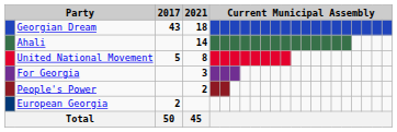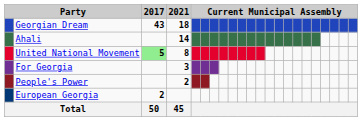 <table class="wikitable">
 <tr>
 <th style="background:#ccc" colspan="2">Party</th>
 <th style="background:#ccc">2017</th>
 <th style="background:#ccc">2021</th>
 <th colspan="41" style="background:#ccc">Current Municipal Assembly</th>
 </tr>
 <tr>
 <td style="background-color: #2044bc"> </td>
 <td><a href='#'>Georgian Dream</a></td>
 <td style="text-align: right"><strong>43</strong></td>
 <td style="text-align: right"><strong>18</strong></td>
 <td style="background-color: #2044bc"> </td>
 <td style="background-color: #2044bc"> </td>
 <td style="background-color: #2044bc"> </td>
 <td style="background-color: #2044bc"> </td>
 <td style="background-color: #2044bc"> </td>
 <td style="background-color: #2044bc"> </td>
 <td style="background-color: #2044bc"> </td>
 <td style="background-color: #2044bc"> </td>
 <td style="background-color: #2044bc"> </td>
 <td style="background-color: #2044bc"> </td>
 <td style="background-color: #2044bc"> </td>
 <td style="background-color: #2044bc"> </td>
 <td style="background-color: #2044bc"> </td>
 <td style="background-color: #2044bc"> </td>
 <td style="background-color: #2044bc"> </td>
 <td style="background-color: #2044bc"> </td>
 <td style="background-color: #2044bc"> </td>
 <td style="background-color: #2044bc"> </td>
 </tr>
 <tr>
 <td style="background-color: #377149"> </td>
 <td><a href='#'>Ahali</a></td>
 <td></td>
 <td style="text-align: right"><strong>14</strong></td>
 <td style="background-color: #377149"> </td>
 <td style="background-color: #377149"> </td>
 <td style="background-color: #377149"> </td>
 <td style="background-color: #377149"> </td>
 <td style="background-color: #377149"> </td>
 <td style="background-color: #377149"> </td>
 <td style="background-color: #377149"> </td>
 <td style="background-color: #377149"> </td>
 <td style="background-color: #377149"> </td>
 <td style="background-color: #377149"> </td>
 <td style="background-color: #377149"> </td>
 <td style="background-color: #377149"> </td>
 <td style="background-color: #377149"> </td>
 <td style="background-color: #377149"> </td>
 <td></td>
 <td></td>
 <td></td>
 <td></td>
 </tr>
 <tr>
 <td style="background-color: #e4012e"> </td>
 <td><a href='#'>United National Movement</a></td>
-<td style="text-align: right"><strong>5</strong></td>
+<td style="background: lightgreen; text-align: right"><strong>5</strong></td>
 <td style="text-align: right"><strong>8</strong></td>
 <td style="background-color: #e4012e"> </td>
 <td style="background-color: #e4012e"> </td>
 <td style="background-color: #e4012e"> </td>
 <td style="background-color: #e4012e"> </td>
 <td style="background-color: #e4012e"> </td>
 <td style="background-color: #e4012e"> </td>
 <td style="background-color: #e4012e"> </td>
 <td style="background-color: #e4012e"> </td>
 <td></td>
 <td></td>
 <td></td>
 <td></td>
 <td></td>
 <td></td>
 <td></td>
 <td></td>
 <td></td>
 <td></td>
 </tr>
 <tr>
 <td style="background-color: #702F92"> </td>
 <td><a href='#'>For Georgia</a></td>
 <td></td>
 <td style="text-align: right"><strong>3</strong></td>
 <td style="background-color: #702f92"> </td>
 <td style="background-color: #702f92"> </td>
 <td style="background-color: #702f92"> </td>
 <td></td>
 <td></td>
 <td></td>
 <td></td>
 <td></td>
 <td></td>
 <td></td>
 <td></td>
 <td></td>
 <td></td>
 <td></td>
 <td></td>
 <td></td>
 <td></td>
 <td></td>
 </tr>
 <tr>
 <td style="background-color: #8e1922"> </td>
 <td><a href='#'>People's Power</a></td>
 <td></td>
 <td style="text-align: right"><strong>2</strong></td>
 <td style="background-color: #8e1922"> </td>
 <td style="background-color: #8e1922"> </td>
 <td></td>
 <td></td>
 <td></td>
 <td></td>
 <td></td>
 <td></td>
 <td></td>
 <td></td>
 <td></td>
 <td></td>
 <td></td>
 <td></td>
 <td></td>
 <td></td>
 <td></td>
 <td></td>
 </tr>
 <tr>
 <td style="background-color: #003876"> </td>
 <td><a href='#'>European Georgia</a></td>
 <td style="text-align: right"><strong>2</strong></td>
 <td></td>
 <td></td>
 <td></td>
 <td></td>
 <td></td>
 <td></td>
 <td></td>
 <td></td>
 <td></td>
 <td></td>
 <td></td>
 <td></td>
 <td></td>
 <td></td>
 <td></td>
 <td></td>
 <td></td>
 <td></td>
 <td></td>
 </tr>
 <tr>
 <th colspan=2>Total</th>
 <th align=right>50</th>
 <th align=right>45</th>
 <th colspan="41"> </th>
 </tr>
 </table>
